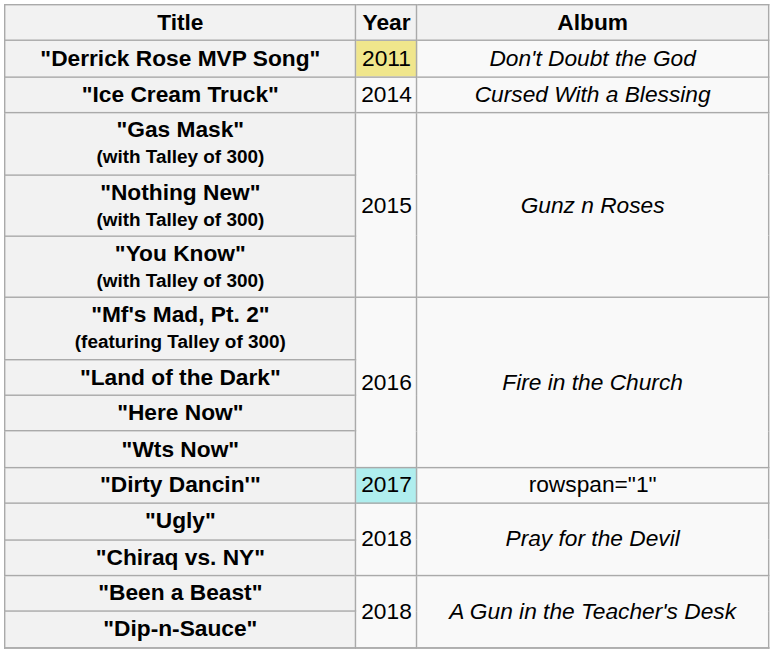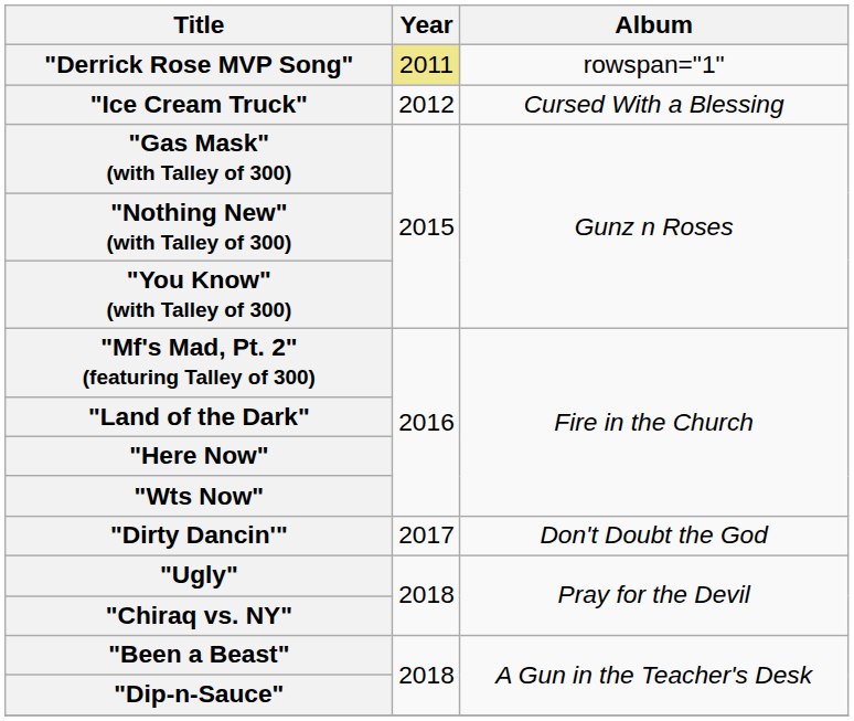 <table class="wikitable plainrowheaders" style="text-align:center;">
 <tr>
 <th scope="col" style="width:15em;">Title</th>
 <th scope="col">Year</th>
 <th scope="col" style="width:15em;">Album</th>
 </tr>
 <tr>
 <th scope="row">"Derrick Rose MVP Song"</th>
 <td style="background: khaki;">2011</td>
-<td rowspan="1"><em>Don't Doubt the God</em></td>
+<td>rowspan="1" </td>
 </tr>
 <tr>
 <th scope="row">"Ice Cream Truck"</th>
-<td>2014</td>
+<td>2012</td>
 <td rowspan="1"><em>Cursed With a Blessing</em></td>
 </tr>
 <tr>
 <th scope="row">"Gas Mask"<br><small>(with Talley of 300)</small></th>
 <td rowspan="3">2015</td>
 <td rowspan="3"><em>Gunz n Roses</em></td>
 </tr>
 <tr>
 <th scope="row">"Nothing New"<br><small>(with Talley of 300)</small></th>
 </tr>
 <tr>
 <th scope="row">"You Know"<br><small>(with Talley of 300)</small></th>
 </tr>
 <tr>
 <th scope="row">"Mf's Mad, Pt. 2"<br><small>(featuring Talley of 300)</small></th>
 <td rowspan="4">2016</td>
 <td rowspan="4"><em>Fire in the Church</em></td>
 </tr>
 <tr>
 <th scope="row">"Land of the Dark"</th>
 </tr>
 <tr>
 <th scope="row">"Here Now"</th>
 </tr>
 <tr>
 <th scope="row">"Wts Now"</th>
 </tr>
 <tr>
 <th scope="row">"Dirty Dancin'"</th>
-<td style="background: paleturquoise;">2017</td>
-<td>rowspan="1" </td>
+<td>2017</td>
+<td rowspan="1"><em>Don't Doubt the God</em></td>
 </tr>
 <tr>
 <th scope="row">"Ugly"</th>
 <td rowspan="2">2018</td>
 <td rowspan="2"><em>Pray for the Devil</em></td>
 </tr>
 <tr>
 <th scope="row">"Chiraq vs. NY"</th>
 </tr>
 <tr>
 <th scope="row">"Been a Beast"</th>
 <td rowspan="2">2018</td>
 <td rowspan="2"><em>A Gun in the Teacher's Desk</em></td>
 </tr>
 <tr>
 <th scope="row">"Dip-n-Sauce"</th>
 </tr>
 <tr>
 </tr>
 </table>
